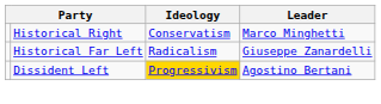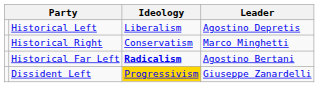 <table class=wikitable>
 <tr>
 <th colspan=2>Party</th>
 <th>Ideology</th>
 <th>Leader</th>
+</tr>
+<tr>
+<td></td>
+<td><a href='#'>Historical Left</a></td>
+<td><a href='#'>Liberalism</a></td>
+<td><a href='#'>Agostino Depretis</a></td>
 </tr>
 <tr>
 <td></td>
 <td><a href='#'>Historical Right</a></td>
 <td><a href='#'>Conservatism</a></td>
 <td><a href='#'>Marco Minghetti</a></td>
 </tr>
 <tr>
 <td></td>
 <td><a href='#'>Historical Far Left</a></td>
-<td><a href='#'>Radicalism</a></td>
-<td><a href='#'>Giuseppe Zanardelli</a></td>
+<td><strong><a href='#'>Radicalism</a></strong></td>
+<td><a href='#'>Agostino Bertani</a></td>
 </tr>
 <tr>
 <td></td>
 <td><a href='#'>Dissident Left</a></td>
 <td style="background: gold;"><a href='#'>Progressivism</a></td>
-<td><a href='#'>Agostino Bertani</a></td>
+<td><a href='#'>Giuseppe Zanardelli</a></td>
 </tr>
 </table>
